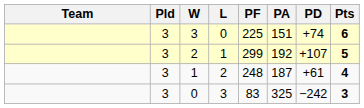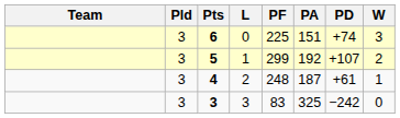 <table class=wikitable style="text-align:center">
 <tr>
 <th width=180>Team</th>
 <th width=30>Pld</th>
-<th width=30>W</th>
+<th width=30>Pts</th>
 <th width=30>L</th>
 <th width=30>PF</th>
 <th width=30>PA</th>
 <th width=30>PD</th>
-<th width=30>Pts</th>
+<th width=30>W</th>
 </tr>
 <tr bgcolor="#ffffcc">
 <td align="left"></td>
 <td>3</td>
-<td>3</td>
+<td><strong>6</strong></td>
 <td>0</td>
 <td>225</td>
 <td>151</td>
 <td>+74</td>
-<td><strong>6</strong></td>
+<td>3</td>
 </tr>
 <tr bgcolor="#ffffcc">
 <td align="left"></td>
 <td>3</td>
-<td>2</td>
+<td><strong>5</strong></td>
 <td>1</td>
 <td>299</td>
 <td>192</td>
 <td>+107</td>
-<td><strong>5</strong></td>
+<td>2</td>
 </tr>
 <tr>
 <td align="left"></td>
 <td>3</td>
-<td>1</td>
+<td><strong>4</strong></td>
 <td>2</td>
 <td>248</td>
 <td>187</td>
 <td>+61</td>
-<td><strong>4</strong></td>
+<td>1</td>
 </tr>
 <tr>
 <td align="left"></td>
 <td>3</td>
-<td>0</td>
+<td><strong>3</strong></td>
 <td>3</td>
 <td>83</td>
 <td>325</td>
 <td>−242</td>
-<td><strong>3</strong></td>
+<td>0</td>
 </tr>
 </table>
